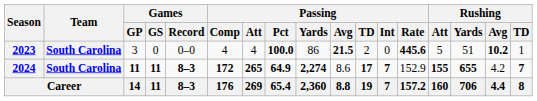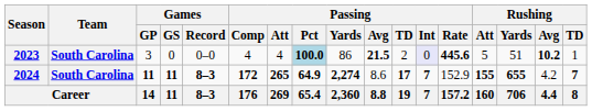 <table class="wikitable" style="text-align:center;">
 <tr>
 <th rowspan="2">Season</th>
 <th rowspan="2">Team</th>
 <th colspan="3">Games</th>
 <th colspan="8">Passing</th>
 <th colspan="5">Rushing</th>
 </tr>
 <tr>
 <th>GP</th>
 <th>GS</th>
 <th>Record</th>
 <th>Comp</th>
 <th>Att</th>
 <th>Pct</th>
 <th>Yards</th>
 <th>Avg</th>
 <th>TD</th>
 <th>Int</th>
 <th>Rate</th>
 <th>Att</th>
 <th>Yards</th>
 <th>Avg</th>
 <th>TD</th>
 </tr>
 <tr>
 <th><a href='#'>2023</a></th>
 <th><a href='#'>South Carolina</a></th>
 <td>3</td>
 <td>0</td>
 <td>0–0</td>
 <td>4</td>
 <td>4</td>
-<td><strong>100.0</strong></td>
+<td style="background: lightblue;"><strong>100.0</strong></td>
 <td>86</td>
 <td><strong>21.5</strong></td>
 <td>2</td>
-<td>0</td>
+<td style="background: lavender;">0</td>
 <td><strong>445.6</strong></td>
 <td>5</td>
 <td>51</td>
 <td><strong>10.2</strong></td>
 <td>1</td>
 </tr>
 <tr>
 <th><a href='#'>2024</a></th>
 <th><a href='#'>South Carolina</a></th>
 <td><strong>11</strong></td>
 <td><strong>11</strong></td>
 <td><strong>8–3</strong></td>
 <td><strong>172</strong></td>
 <td><strong>265</strong></td>
 <td><strong>64.9</strong></td>
 <td><strong>2,274</strong></td>
 <td>8.6</td>
 <td><strong>17</strong></td>
 <td><strong>7</strong></td>
 <td>152.9</td>
 <td><strong>155</strong></td>
 <td><strong>655</strong></td>
 <td>4.2</td>
 <td><strong>7</strong></td>
 </tr>
 <tr>
 <th colspan="2">Career</th>
 <th>14</th>
 <th>11</th>
 <th>8–3</th>
 <th>176</th>
 <th>269</th>
 <th>65.4</th>
 <th>2,360</th>
 <th>8.8</th>
 <th>19</th>
 <th>7</th>
 <th>157.2</th>
 <th>160</th>
 <th>706</th>
 <th>4.4</th>
 <th>8</th>
 </tr>
 </table>
